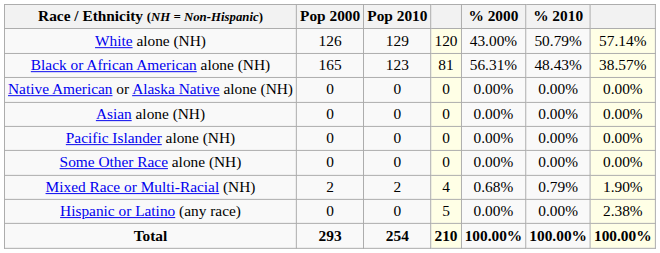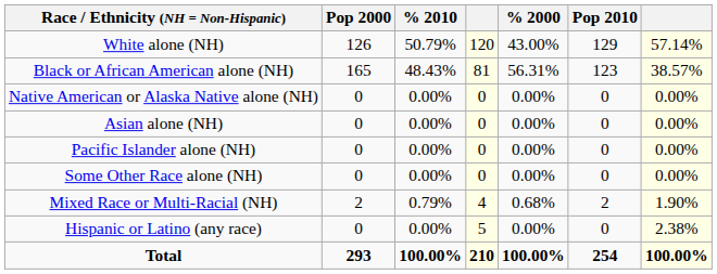 <table class="wikitable" style="text-align:center;">
 <tr>
 <th>Race / Ethnicity <small>(<em>NH = Non-Hispanic</em>)</small></th>
 <th>Pop 2000</th>
-<th>Pop 2010</th>
+<th>% 2010</th>
 <th></th>
 <th>% 2000</th>
-<th>% 2010</th>
+<th>Pop 2010</th>
 <th></th>
 </tr>
 <tr>
 <td><a href='#'>White</a> alone (NH)</td>
 <td>126</td>
-<td>129</td>
+<td>50.79%</td>
 <td style='background: #ffffe6;'>120</td>
 <td>43.00%</td>
-<td>50.79%</td>
+<td>129</td>
 <td style='background: #ffffe6;'>57.14%</td>
 </tr>
 <tr>
 <td><a href='#'>Black or African American</a> alone (NH)</td>
 <td>165</td>
-<td>123</td>
+<td>48.43%</td>
 <td style='background: #ffffe6;'>81</td>
 <td>56.31%</td>
-<td>48.43%</td>
+<td>123</td>
 <td style='background: #ffffe6;'>38.57%</td>
 </tr>
 <tr>
 <td><a href='#'>Native American</a> or <a href='#'>Alaska Native</a> alone (NH)</td>
 <td>0</td>
-<td>0</td>
+<td>0.00%</td>
 <td style='background: #ffffe6;'>0</td>
 <td>0.00%</td>
-<td>0.00%</td>
+<td>0</td>
 <td style='background: #ffffe6;'>0.00%</td>
 </tr>
 <tr>
 <td><a href='#'>Asian</a> alone (NH)</td>
 <td>0</td>
-<td>0</td>
+<td>0.00%</td>
 <td style='background: #ffffe6;'>0</td>
 <td>0.00%</td>
-<td>0.00%</td>
+<td>0</td>
 <td style='background: #ffffe6;'>0.00%</td>
 </tr>
 <tr>
 <td><a href='#'>Pacific Islander</a> alone (NH)</td>
 <td>0</td>
-<td>0</td>
+<td>0.00%</td>
 <td style='background: #ffffe6;'>0</td>
 <td>0.00%</td>
-<td>0.00%</td>
+<td>0</td>
 <td style='background: #ffffe6;'>0.00%</td>
 </tr>
 <tr>
 <td><a href='#'>Some Other Race</a> alone (NH)</td>
 <td>0</td>
-<td>0</td>
+<td>0.00%</td>
 <td style='background: #ffffe6;'>0</td>
 <td>0.00%</td>
-<td>0.00%</td>
+<td>0</td>
 <td style='background: #ffffe6;'>0.00%</td>
 </tr>
 <tr>
 <td><a href='#'>Mixed Race or Multi-Racial</a> (NH)</td>
 <td>2</td>
-<td>2</td>
+<td>0.79%</td>
 <td style='background: #ffffe6;'>4</td>
 <td>0.68%</td>
-<td>0.79%</td>
+<td>2</td>
 <td style='background: #ffffe6;'>1.90%</td>
 </tr>
 <tr>
 <td><a href='#'>Hispanic or Latino</a> (any race)</td>
 <td>0</td>
-<td>0</td>
+<td>0.00%</td>
 <td style='background: #ffffe6;'>5</td>
 <td>0.00%</td>
-<td>0.00%</td>
+<td>0</td>
 <td style='background: #ffffe6;'>2.38%</td>
 </tr>
 <tr>
 <td><strong>Total</strong></td>
 <td><strong>293</strong></td>
-<td><strong>254</strong></td>
+<td><strong>100.00%</strong></td>
 <td style='background: #ffffe6;'><strong>210</strong></td>
 <td><strong>100.00%</strong></td>
-<td><strong>100.00%</strong></td>
+<td><strong>254</strong></td>
 <td style='background: #ffffe6;'><strong>100.00%</strong></td>
 </tr>
 </table>
